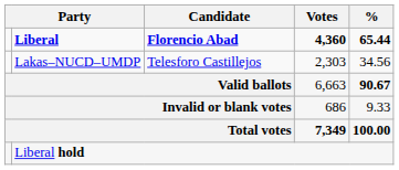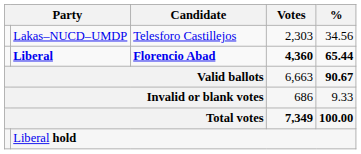 <table class="wikitable" style="font-size:90%; text-align:right;">
 <tr>
 <th colspan="2" style="width:75px;">Party</th>
 <th style="width:150px;">Candidate</th>
 <th style="width:50px;">Votes</th>
 <th style="width:10px;">%</th>
 </tr>
 <tr>
 <td style="background:"></td>
+<td style="text-align:left;"><a href='#'>Lakas–NUCD–UMDP</a></td>
+<td style="text-align:left;"><a href='#'>Telesforo Castillejos</a></td>
+<td>2,303</td>
+<td>34.56</td>
+</tr>
+<tr>
+<td style="background:"></td>
 <td style="text-align:left;"><strong><a href='#'>Liberal</a></strong></td>
 <td style="text-align:left;"><strong><a href='#'>Florencio Abad</a></strong></td>
 <td><strong>4,360</strong></td>
 <td><strong>65.44</strong></td>
-</tr>
-<tr>
-<td style="background:"></td>
-<td style="text-align:left;"><a href='#'>Lakas–NUCD–UMDP</a></td>
-<td style="text-align:left;"><a href='#'>Telesforo Castillejos</a></td>
-<td>2,303</td>
-<td>34.56</td>
 </tr>
 <tr style="background-color:#F6F6F6">
 <th colspan="3" style="text-align:right;">Valid ballots</th>
 <td>6,663</td>
 <td><strong>90.67</strong></td>
 </tr>
 <tr style="background-color:#F6F6F6">
 <th colspan="3" style="text-align:right;">Invalid or blank votes</th>
 <td>686</td>
 <td>9.33</td>
 </tr>
 <tr style="background-color:#F6F6F6">
 <th colspan="3" style="text-align:right;">Total votes</th>
 <td><strong>7,349</strong></td>
 <td><strong>100.00</strong></td>
 </tr>
 <tr style="background-color:#F6F6F6">
 <td style="background:"></td>
 <td colspan="4" style="text-align:left;"><a href='#'>Liberal</a> <strong>hold</strong></td>
 </tr>
 </table>
